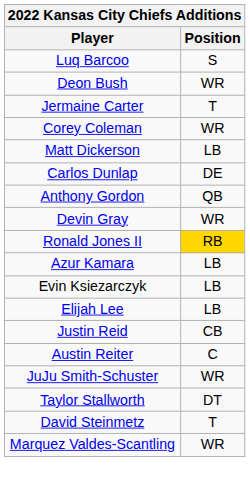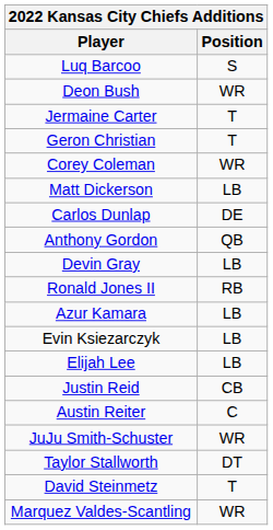 <table class="wikitable" style="text-align:center">
 <tr>
 <th colspan=2>2022 Kansas City Chiefs Additions</th>
 </tr>
 <tr>
 <th>Player</th>
 <th>Position</th>
 </tr>
 <tr>
 <td><a href='#'>Luq Barcoo</a></td>
 <td>S</td>
 </tr>
 <tr>
 <td><a href='#'>Deon Bush</a></td>
 <td>WR</td>
 </tr>
 <tr>
 <td><a href='#'>Jermaine Carter</a></td>
 <td>T</td>
 </tr>
 <tr>
+<td><a href='#'>Geron Christian</a></td>
+<td>T</td>
+</tr>
+<tr>
 <td><a href='#'>Corey Coleman</a></td>
 <td>WR</td>
 </tr>
 <tr>
 <td><a href='#'>Matt Dickerson</a></td>
 <td>LB</td>
 </tr>
 <tr>
 <td><a href='#'>Carlos Dunlap</a></td>
 <td>DE</td>
 </tr>
 <tr>
 <td><a href='#'>Anthony Gordon</a></td>
 <td>QB</td>
 </tr>
 <tr>
 <td><a href='#'>Devin Gray</a></td>
-<td>WR</td>
+<td>LB</td>
 </tr>
 <tr>
 <td><a href='#'>Ronald Jones II</a></td>
-<td style="background: gold;">RB</td>
+<td>RB</td>
 </tr>
 <tr>
 <td><a href='#'>Azur Kamara</a></td>
 <td>LB</td>
 </tr>
 <tr>
 <td>Evin Ksiezarczyk</td>
 <td>LB</td>
 </tr>
 <tr>
 <td><a href='#'>Elijah Lee</a></td>
 <td>LB</td>
 </tr>
 <tr>
 <td><a href='#'>Justin Reid</a></td>
 <td>CB</td>
 </tr>
 <tr>
 <td><a href='#'>Austin Reiter</a></td>
 <td>C</td>
 </tr>
 <tr>
 <td><a href='#'>JuJu Smith-Schuster</a></td>
 <td>WR</td>
 </tr>
 <tr>
 <td><a href='#'>Taylor Stallworth</a></td>
 <td>DT</td>
 </tr>
 <tr>
 <td><a href='#'>David Steinmetz</a></td>
 <td>T</td>
 </tr>
 <tr>
 <td><a href='#'>Marquez Valdes-Scantling</a></td>
 <td>WR</td>
 </tr>
 </table>
